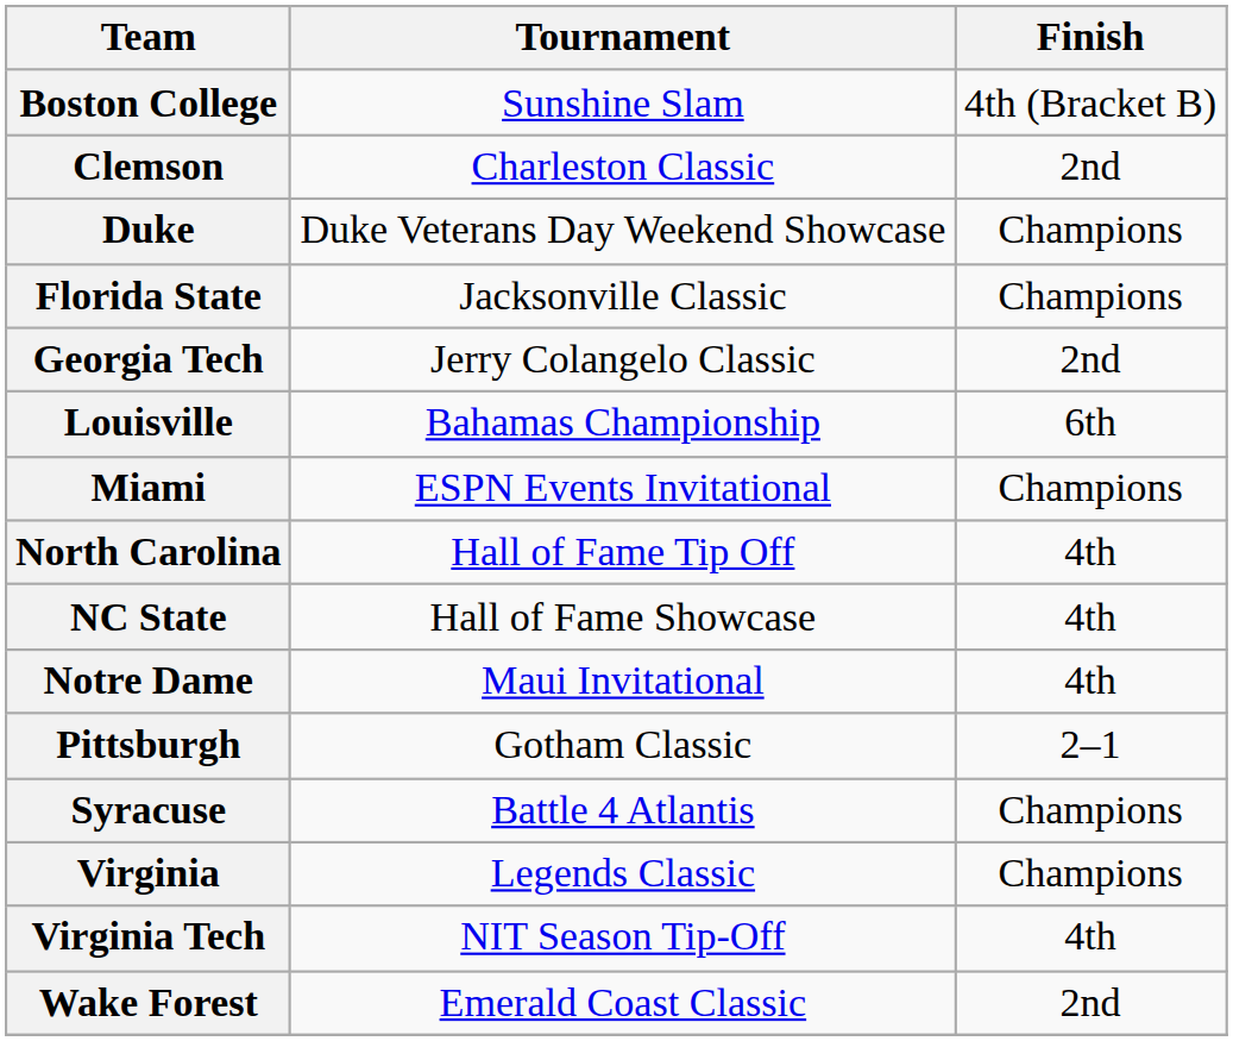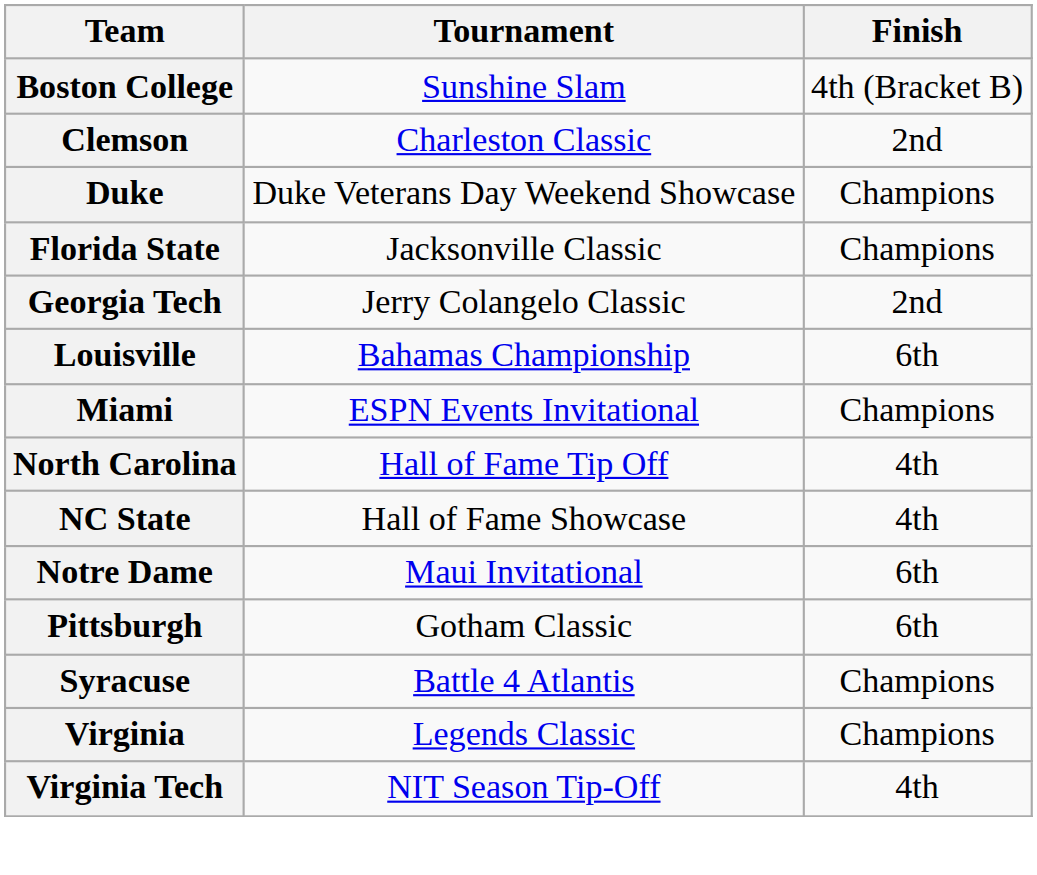 <table class="wikitable">
 <tr>
 <th>Team</th>
 <th>Tournament</th>
 <th>Finish</th>
 </tr>
 <tr style="text-align:center;">
 <th>Boston College</th>
 <td><a href='#'>Sunshine Slam</a></td>
 <td>4th (Bracket B)</td>
 </tr>
 <tr style="text-align:center;">
 <th>Clemson</th>
 <td><a href='#'>Charleston Classic</a></td>
 <td>2nd</td>
 </tr>
 <tr style="text-align:center;">
 <th>Duke</th>
 <td>Duke Veterans Day Weekend Showcase</td>
 <td>Champions</td>
 </tr>
 <tr style="text-align:center;">
 <th>Florida State</th>
 <td>Jacksonville Classic</td>
 <td>Champions</td>
 </tr>
 <tr style="text-align:center;">
 <th>Georgia Tech</th>
 <td>Jerry Colangelo Classic</td>
 <td>2nd</td>
 </tr>
 <tr style="text-align:center;">
 <th>Louisville</th>
 <td><a href='#'>Bahamas Championship</a></td>
 <td>6th</td>
 </tr>
 <tr style="text-align:center;">
 <th>Miami</th>
 <td><a href='#'>ESPN Events Invitational</a></td>
 <td>Champions</td>
 </tr>
 <tr style="text-align:center;">
 <th>North Carolina</th>
 <td><a href='#'>Hall of Fame Tip Off</a></td>
 <td>4th</td>
 </tr>
 <tr style="text-align:center;">
 <th>NC State</th>
 <td>Hall of Fame Showcase</td>
 <td>4th</td>
 </tr>
 <tr style="text-align:center;">
 <th>Notre Dame</th>
 <td><a href='#'>Maui Invitational</a></td>
-<td>4th</td>
+<td>6th</td>
 </tr>
 <tr style="text-align:center;">
 <th>Pittsburgh</th>
 <td>Gotham Classic</td>
-<td>2–1</td>
+<td>6th</td>
 </tr>
 <tr style="text-align:center;">
 <th>Syracuse</th>
 <td><a href='#'>Battle 4 Atlantis</a></td>
 <td>Champions</td>
 </tr>
 <tr style="text-align:center;">
 <th>Virginia</th>
 <td><a href='#'>Legends Classic</a></td>
 <td>Champions</td>
 </tr>
 <tr style="text-align:center;">
 <th>Virginia Tech</th>
 <td><a href='#'>NIT Season Tip-Off</a></td>
 <td>4th</td>
 </tr>
-<tr style="text-align:center;">
-<th>Wake Forest</th>
-<td><a href='#'>Emerald Coast Classic</a></td>
-<td>2nd</td>
-</tr>
 <tr>
 </tr>
 </table>
